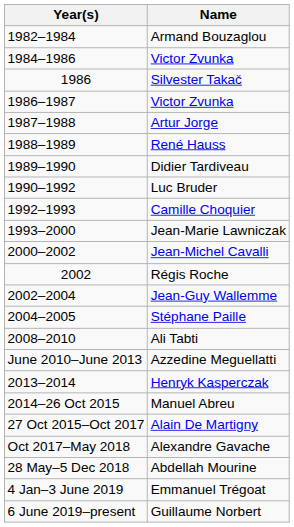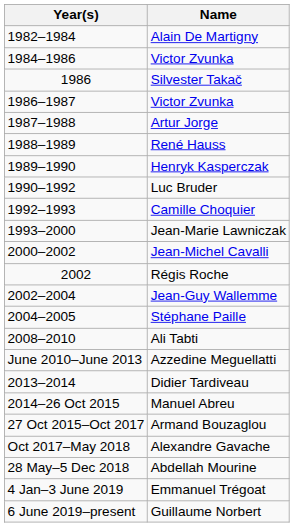 <table class="wikitable">
 <tr>
 <th>Year(s)</th>
 <th>Name</th>
 </tr>
 <tr>
 <td>1982–1984</td>
-<td>Armand Bouzaglou</td>
+<td><a href='#'>Alain De Martigny</a></td>
 </tr>
 <tr>
 <td>1984–1986</td>
 <td><a href='#'>Victor Zvunka</a></td>
 </tr>
 <tr>
 <td style="text-align:center;">1986</td>
 <td><a href='#'>Silvester Takač</a></td>
 </tr>
 <tr>
 <td>1986–1987</td>
 <td><a href='#'>Victor Zvunka</a></td>
 </tr>
 <tr>
 <td>1987–1988</td>
 <td><a href='#'>Artur Jorge</a></td>
 </tr>
 <tr>
 <td>1988–1989</td>
 <td><a href='#'>René Hauss</a></td>
 </tr>
 <tr>
 <td>1989–1990</td>
-<td>Didier Tardiveau</td>
+<td><a href='#'>Henryk Kasperczak</a></td>
 </tr>
 <tr>
 <td>1990–1992</td>
 <td>Luc Bruder</td>
 </tr>
 <tr>
 <td>1992–1993</td>
 <td><a href='#'>Camille Choquier</a></td>
 </tr>
 <tr>
 <td>1993–2000</td>
 <td>Jean-Marie Lawniczak</td>
 </tr>
 <tr>
 <td>2000–2002</td>
 <td><a href='#'>Jean-Michel Cavalli</a></td>
 </tr>
 <tr>
 <td style="text-align:center;">2002</td>
 <td>Régis Roche</td>
 </tr>
 <tr>
 <td>2002–2004</td>
 <td><a href='#'>Jean-Guy Wallemme</a></td>
 </tr>
 <tr>
 <td>2004–2005</td>
 <td><a href='#'>Stéphane Paille</a></td>
 </tr>
 <tr>
 <td>2008–2010</td>
 <td>Ali Tabti</td>
 </tr>
 <tr>
 <td>June 2010–June 2013</td>
 <td>Azzedine Meguellatti</td>
 </tr>
 <tr>
 <td>2013–2014</td>
-<td><a href='#'>Henryk Kasperczak</a></td>
+<td>Didier Tardiveau</td>
 </tr>
 <tr>
 <td>2014–26 Oct 2015</td>
 <td>Manuel Abreu</td>
 </tr>
 <tr>
 <td>27 Oct 2015–Oct 2017</td>
-<td><a href='#'>Alain De Martigny</a></td>
+<td>Armand Bouzaglou</td>
 </tr>
 <tr>
 <td>Oct 2017–May 2018</td>
 <td>Alexandre Gavache</td>
 </tr>
 <tr>
 <td>28 May–5 Dec 2018</td>
 <td>Abdellah Mourine</td>
 </tr>
 <tr>
 <td>4 Jan–3 June 2019</td>
 <td>Emmanuel Trégoat</td>
 </tr>
 <tr>
 <td>6 June 2019–present</td>
 <td>Guillaume Norbert</td>
 </tr>
 </table>
